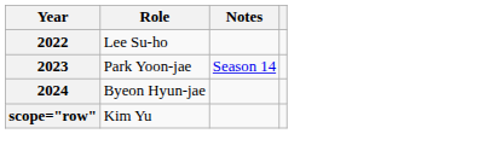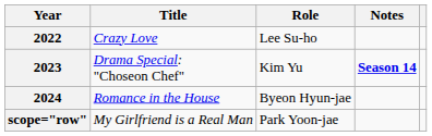 <table class="wikitable  plainrowheaders">
 <tr>
 <th scope="col">Year</th>
+<th scope="col">Title</th>
 <th scope="col">Role</th>
 <th scope="col">Notes</th>
 <th scope="col" class="unsortable"></th>
 </tr>
 <tr>
 <th scope="row">2022</th>
+<td><em><a href='#'>Crazy Love</a></em></td>
 <td>Lee Su-ho</td>
 <td></td>
 <td style="text-align:center"></td>
 </tr>
 <tr>
 <th scope="row">2023</th>
-<td>Park Yoon-jae</td>
-<td><a href='#'>Season 14</a></td>
+<td><em><a href='#'>Drama Special</a>:</em><br>"Choseon Chef"</td>
+<td>Kim Yu</td>
+<td><strong><a href='#'>Season 14</a></strong></td>
 <td style="text-align:center"></td>
 </tr>
 <tr>
 <th scope="row">2024</th>
+<td><em><a href='#'>Romance in the House</a></em></td>
 <td>Byeon Hyun-jae</td>
 <td></td>
 <td style="text-align:center"></td>
 </tr>
 <tr>
 <th>scope="row" </th>
-<td>Kim Yu</td>
+<td><em>My Girlfriend is a Real Man</em></td>
+<td>Park Yoon-jae</td>
 <td></td>
 <td style="text-align:center"></td>
 </tr>
 </table>
